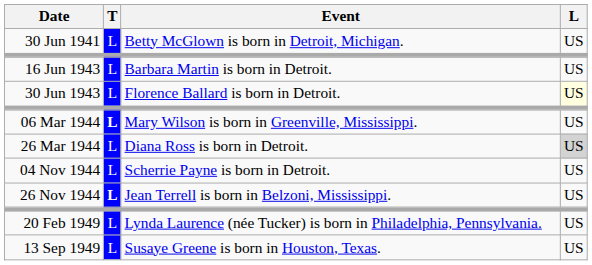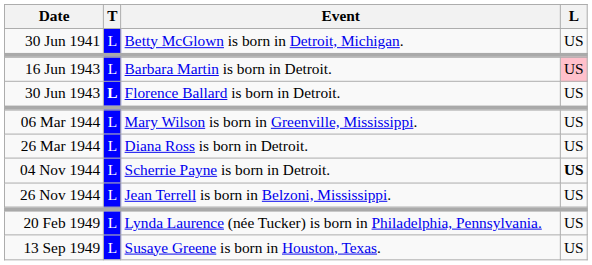 <table class="wikitable" style="text-align: center">
 <tr>
 <th style="width:12ch">Date</th>
 <th style="width:1%">T</th>
 <th>Event</th>
 <th style="width:2%">L</th>
 </tr>
 <tr>
 <td style="text-align: right">30 Jun 1941</td>
 <td style="background-color: blue; color: white">L</td>
 <td style="text-align:left;"><a href='#'>Betty McGlown</a> is born in <a href='#'>Detroit, Michigan</a>.</td>
 <td>US</td>
 </tr>
 <tr>
 <td colspan="6" style="background: #aaa; height: 3px; padding: 0 !important"></td>
 </tr>
 <tr>
 <td style="text-align: right">16 Jun 1943</td>
 <td style="background-color: blue; color: white">L</td>
 <td style="text-align:left;"><a href='#'>Barbara Martin</a> is born in Detroit.</td>
-<td>US</td>
+<td style="background: pink;">US</td>
 </tr>
 <tr>
 <td style="text-align: right">30 Jun 1943</td>
-<td style="background-color: blue; color: white">L</td>
+<td style="background-color: blue; color: white"><strong>L</strong></td>
 <td style="text-align:left;"><a href='#'>Florence Ballard</a> is born in Detroit.</td>
-<td style="background: lightyellow;">US</td>
+<td>US</td>
 </tr>
 <tr>
 <td colspan="6" style="background: #aaa; height: 3px; padding: 0 !important"></td>
 </tr>
 <tr>
 <td style="text-align: right">06 Mar 1944</td>
-<td style="background-color: blue; color: white"><strong>L</strong></td>
+<td style="background-color: blue; color: white">L</td>
 <td style="text-align:left;"><a href='#'>Mary Wilson</a> is born in <a href='#'>Greenville, Mississippi</a>.</td>
 <td>US</td>
 </tr>
 <tr>
 <td style="text-align: right">26 Mar 1944</td>
 <td style="background-color: blue; color: white">L</td>
 <td style="text-align:left;"><a href='#'>Diana Ross</a> is born in Detroit.</td>
-<td style="background: lightgrey;">US</td>
+<td>US</td>
 </tr>
 <tr>
 <td style="text-align: right">04 Nov 1944</td>
 <td style="background-color: blue; color: white">L</td>
 <td style="text-align:left;"><a href='#'>Scherrie Payne</a> is born in Detroit.</td>
-<td>US</td>
+<td><strong>US</strong></td>
 </tr>
 <tr>
 <td style="text-align: right">26 Nov 1944</td>
-<td style="background-color: blue; color: white"><strong>L</strong></td>
+<td style="background-color: blue; color: white">L</td>
 <td style="text-align:left;"><a href='#'>Jean Terrell</a> is born in <a href='#'>Belzoni, Mississippi</a>.</td>
 <td>US</td>
 </tr>
 <tr>
 <td colspan="6" style="background: #aaa; height: 3px; padding: 0 !important"></td>
 </tr>
 <tr>
 <td style="text-align: right">20 Feb 1949</td>
 <td style="background-color: blue; color: white">L</td>
 <td style="text-align:left;"><a href='#'>Lynda Laurence</a> (née Tucker) is born in <a href='#'>Philadelphia, Pennsylvania.</a></td>
 <td>US</td>
 </tr>
 <tr>
 <td style="text-align: right">13 Sep 1949</td>
 <td style="background-color: blue; color: white">L</td>
 <td style="text-align:left;"><a href='#'>Susaye Greene</a> is born in <a href='#'>Houston, Texas</a>.</td>
 <td>US</td>
 </tr>
 </table>
